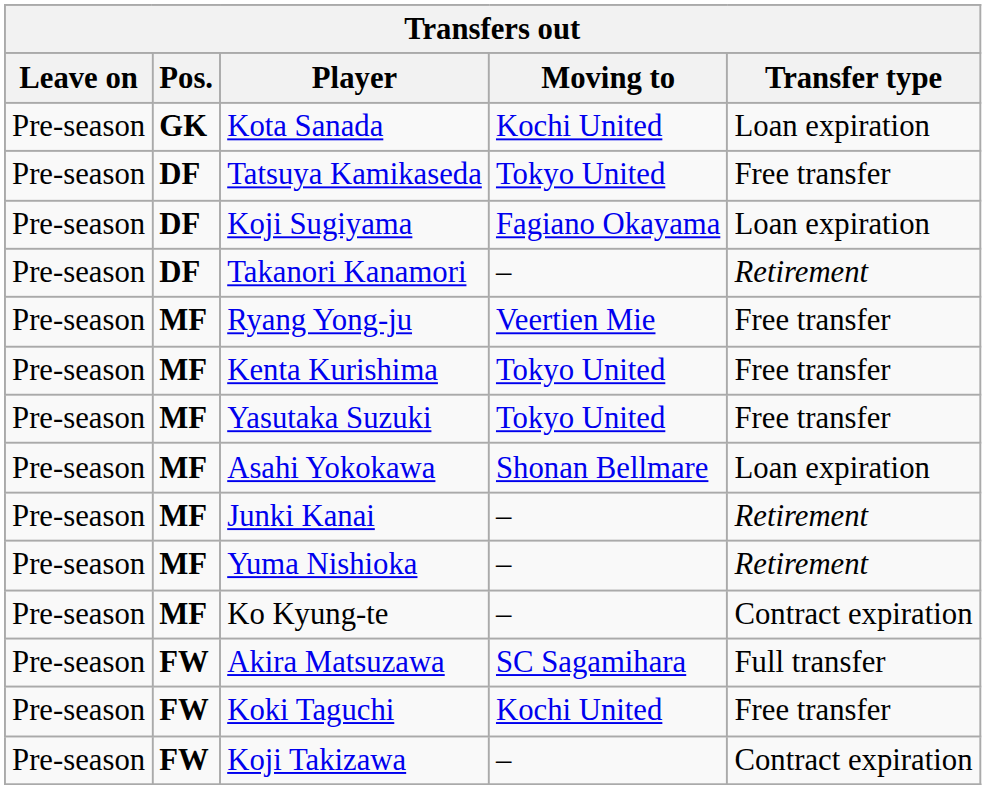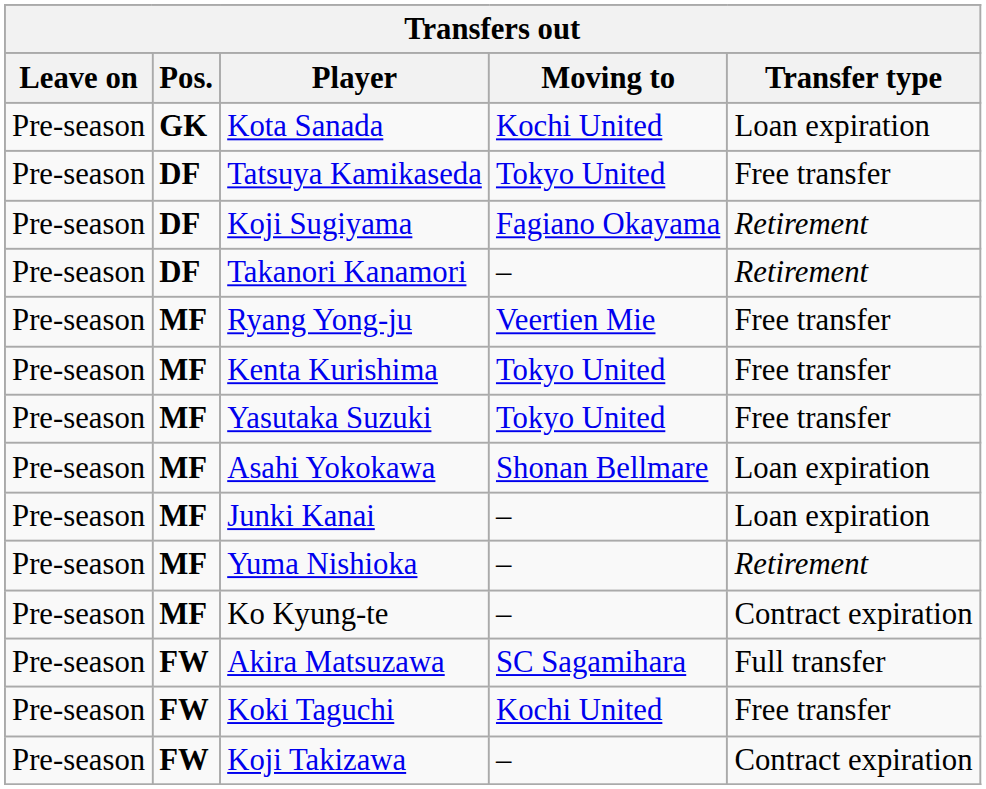 <table class="wikitable sortable" style=“text-align:left;>
 <tr>
 <th colspan="5">Transfers out</th>
 </tr>
 <tr>
 <th>Leave on</th>
 <th>Pos.</th>
 <th>Player</th>
 <th>Moving to</th>
 <th>Transfer type</th>
 </tr>
 <tr>
 <td>Pre-season</td>
 <td><strong>GK</strong></td>
 <td> <a href='#'>Kota Sanada</a></td>
 <td> <a href='#'>Kochi United</a></td>
 <td>Loan expiration</td>
 </tr>
 <tr>
 <td>Pre-season</td>
 <td><strong>DF</strong></td>
 <td> <a href='#'>Tatsuya Kamikaseda</a></td>
 <td> <a href='#'>Tokyo United</a></td>
 <td>Free transfer</td>
 </tr>
 <tr>
 <td>Pre-season</td>
 <td><strong>DF</strong></td>
 <td> <a href='#'>Koji Sugiyama</a></td>
 <td> <a href='#'>Fagiano Okayama</a></td>
-<td>Loan expiration</td>
+<td><em>Retirement</em></td>
 </tr>
 <tr>
 <td>Pre-season</td>
 <td><strong>DF</strong></td>
 <td> <a href='#'>Takanori Kanamori</a></td>
 <td>–</td>
 <td><em>Retirement</em></td>
 </tr>
 <tr>
 <td>Pre-season</td>
 <td><strong>MF</strong></td>
 <td> <a href='#'>Ryang Yong-ju</a></td>
 <td> <a href='#'>Veertien Mie</a></td>
 <td>Free transfer</td>
 </tr>
 <tr>
 <td>Pre-season</td>
 <td><strong>MF</strong></td>
 <td> <a href='#'>Kenta Kurishima</a></td>
 <td> <a href='#'>Tokyo United</a></td>
 <td>Free transfer</td>
 </tr>
 <tr>
 <td>Pre-season</td>
 <td><strong>MF</strong></td>
 <td> <a href='#'>Yasutaka Suzuki</a></td>
 <td> <a href='#'>Tokyo United</a></td>
 <td>Free transfer</td>
 </tr>
 <tr>
 <td>Pre-season</td>
 <td><strong>MF</strong></td>
 <td> <a href='#'>Asahi Yokokawa</a></td>
 <td> <a href='#'>Shonan Bellmare</a></td>
 <td>Loan expiration</td>
 </tr>
 <tr>
 <td>Pre-season</td>
 <td><strong>MF</strong></td>
 <td> <a href='#'>Junki Kanai</a></td>
 <td>–</td>
-<td><em>Retirement</em></td>
+<td>Loan expiration</td>
 </tr>
 <tr>
 <td>Pre-season</td>
 <td><strong>MF</strong></td>
 <td> <a href='#'>Yuma Nishioka</a></td>
 <td>–</td>
 <td><em>Retirement</em></td>
 </tr>
 <tr>
 <td>Pre-season</td>
 <td><strong>MF</strong></td>
 <td> Ko Kyung-te</td>
 <td>–</td>
 <td>Contract expiration</td>
 </tr>
 <tr>
 <td>Pre-season</td>
 <td><strong>FW</strong></td>
 <td> <a href='#'>Akira Matsuzawa</a></td>
 <td> <a href='#'>SC Sagamihara</a></td>
 <td>Full transfer</td>
 </tr>
 <tr>
 <td>Pre-season</td>
 <td><strong>FW</strong></td>
 <td> <a href='#'>Koki Taguchi</a></td>
 <td> <a href='#'>Kochi United</a></td>
 <td>Free transfer</td>
 </tr>
 <tr>
 <td>Pre-season</td>
 <td><strong>FW</strong></td>
 <td> <a href='#'>Koji Takizawa</a></td>
 <td>–</td>
 <td>Contract expiration</td>
 </tr>
 <tr>
 </tr>
 </table>
